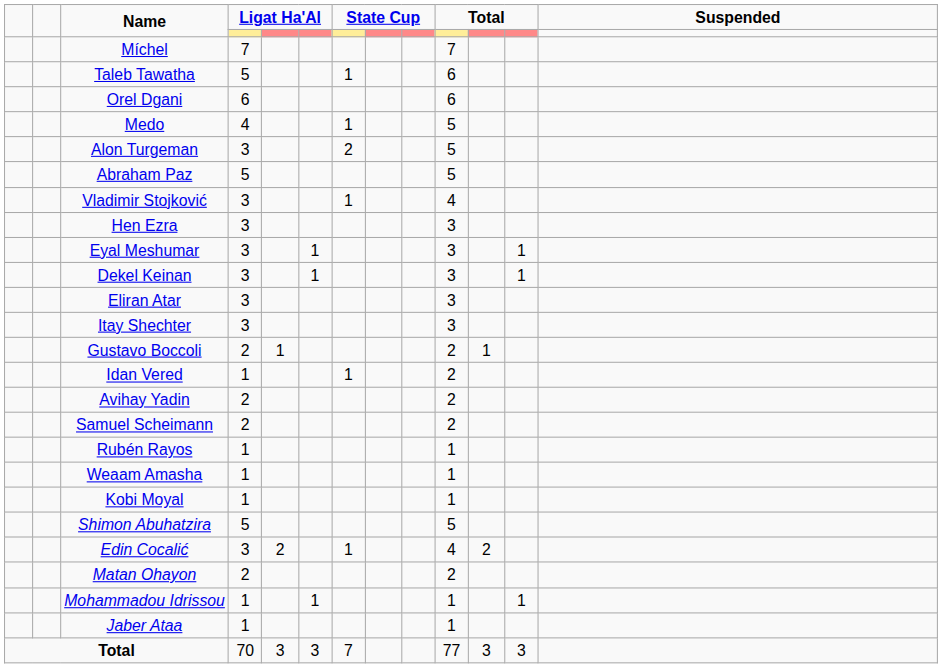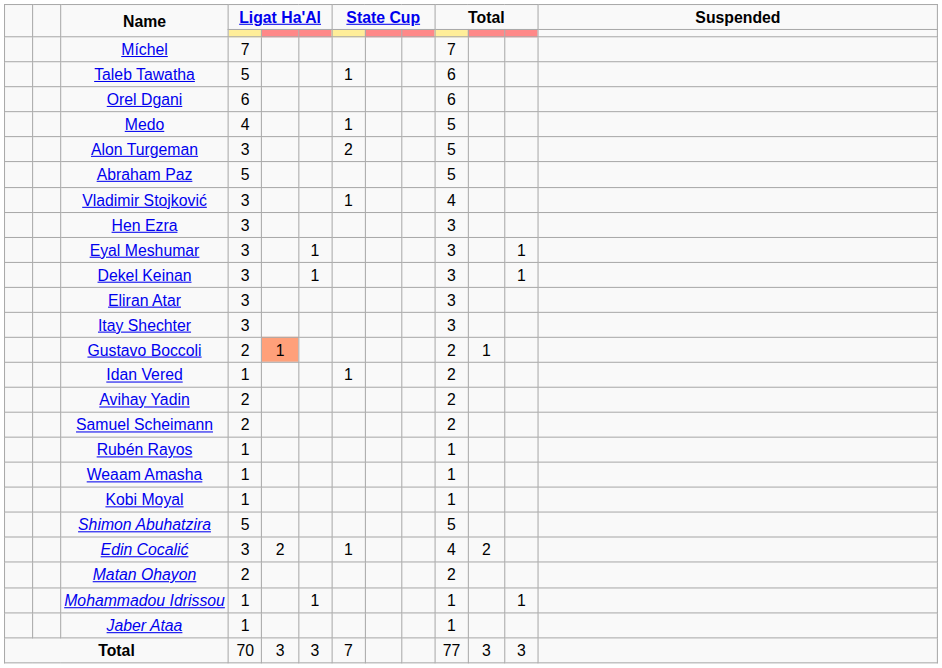 <table class="wikitable" style="font-size: 95%; text-align: center;">
 <tr>
 <td rowspan="2"  style="width:3%; text-align:center;"><strong></strong></td>
 <td rowspan="2"  style="width:3%; text-align:center;"><strong></strong></td>
 <td rowspan="2"  style="width:18%; text-align:center;"><strong>Name</strong></td>
 <td colspan="3" style="text-align:center;"><strong><a href='#'>Ligat Ha'Al</a></strong></td>
 <td colspan="3" style="text-align:center;"><strong><a href='#'>State Cup</a></strong></td>
 <td colspan="3" style="text-align:center;"><strong>Total</strong></td>
 <td colspan="3" style="text-align:center;"><strong>Suspended</strong></td>
 </tr>
 <tr>
 <th style="width:25px; background:#fe9;"></th>
 <th style="width:28px; background:#ff8888;"></th>
 <th style="width:25px; background:#ff8888;"></th>
 <th style="width:25px; background:#fe9;"></th>
 <th style="width:28px; background:#ff8888;"></th>
 <th style="width:25px; background:#ff8888;"></th>
 <th style="width:25px; background:#fe9;"></th>
 <th style="width:28px; background:#ff8888;"></th>
 <th style="width:25px; background:#ff8888;"></th>
 <td></td>
 </tr>
 <tr>
 <td align=center></td>
 <td></td>
 <td><a href='#'>Míchel</a></td>
 <td align=center>7</td>
 <td></td>
 <td></td>
 <td></td>
 <td></td>
 <td></td>
 <td align=center>7</td>
 <td></td>
 <td></td>
 <td></td>
 </tr>
 <tr>
 <td align=center></td>
 <td></td>
 <td><a href='#'>Taleb Tawatha</a></td>
 <td align=center>5</td>
 <td></td>
 <td></td>
 <td align=center>1</td>
 <td></td>
 <td></td>
 <td align=center>6</td>
 <td></td>
 <td></td>
 <td></td>
 </tr>
 <tr>
 <td align=center></td>
 <td></td>
 <td><a href='#'>Orel Dgani</a></td>
 <td align=center>6</td>
 <td></td>
 <td></td>
 <td></td>
 <td></td>
 <td></td>
 <td align=center>6</td>
 <td></td>
 <td></td>
 <td></td>
 </tr>
 <tr>
 <td align=center></td>
 <td></td>
 <td><a href='#'>Medo</a></td>
 <td align=center>4</td>
 <td></td>
 <td></td>
 <td align=center>1</td>
 <td></td>
 <td></td>
 <td align=center>5</td>
 <td></td>
 <td></td>
 <td></td>
 </tr>
 <tr>
 <td align=center></td>
 <td></td>
 <td><a href='#'>Alon Turgeman</a></td>
 <td align=center>3</td>
 <td></td>
 <td></td>
 <td align=center>2</td>
 <td></td>
 <td></td>
 <td align=center>5</td>
 <td></td>
 <td></td>
 <td></td>
 </tr>
 <tr>
 <td align=center></td>
 <td></td>
 <td><a href='#'>Abraham Paz</a></td>
 <td align=center>5</td>
 <td></td>
 <td></td>
 <td></td>
 <td></td>
 <td></td>
 <td align=center>5</td>
 <td></td>
 <td></td>
 <td></td>
 </tr>
 <tr>
 <td align=center></td>
 <td></td>
 <td><a href='#'>Vladimir Stojković</a></td>
 <td align=center>3</td>
 <td></td>
 <td></td>
 <td align=center>1</td>
 <td></td>
 <td></td>
 <td align=center>4</td>
 <td></td>
 <td></td>
 <td></td>
 </tr>
 <tr>
 <td align=center></td>
 <td></td>
 <td><a href='#'>Hen Ezra</a></td>
 <td align=center>3</td>
 <td></td>
 <td></td>
 <td></td>
 <td></td>
 <td></td>
 <td align=center>3</td>
 <td></td>
 <td></td>
 <td></td>
 </tr>
 <tr>
 <td align=center></td>
 <td></td>
 <td><a href='#'>Eyal Meshumar</a></td>
 <td align=center>3</td>
 <td></td>
 <td align=center>1</td>
 <td></td>
 <td></td>
 <td></td>
 <td align=center>3</td>
 <td></td>
 <td align=center>1</td>
 <td></td>
 </tr>
 <tr>
 <td align=center></td>
 <td></td>
 <td><a href='#'>Dekel Keinan</a></td>
 <td align=center>3</td>
 <td></td>
 <td align=center>1</td>
 <td></td>
 <td></td>
 <td></td>
 <td align=center>3</td>
 <td></td>
 <td align=center>1</td>
 <td></td>
 </tr>
 <tr>
 <td align=center></td>
 <td></td>
 <td><a href='#'>Eliran Atar</a></td>
 <td align=center>3</td>
 <td></td>
 <td></td>
 <td></td>
 <td></td>
 <td></td>
 <td align=center>3</td>
 <td></td>
 <td></td>
 <td></td>
 </tr>
 <tr>
 <td align=center></td>
 <td></td>
 <td><a href='#'>Itay Shechter</a></td>
 <td align=center>3</td>
 <td></td>
 <td></td>
 <td></td>
 <td></td>
 <td></td>
 <td align=center>3</td>
 <td></td>
 <td></td>
 <td></td>
 </tr>
 <tr>
 <td align=center></td>
 <td></td>
 <td><a href='#'>Gustavo Boccoli</a></td>
 <td align=center>2</td>
-<td align=center>1</td>
+<td align=center style="background: lightsalmon;">1</td>
 <td></td>
 <td></td>
 <td></td>
 <td></td>
 <td align=center>2</td>
 <td align=center>1</td>
 <td></td>
 <td></td>
 </tr>
 <tr>
 <td align=center></td>
 <td></td>
 <td><a href='#'>Idan Vered</a></td>
 <td align=center>1</td>
 <td></td>
 <td></td>
 <td align=center>1</td>
 <td></td>
 <td></td>
 <td align=center>2</td>
 <td></td>
 <td></td>
 <td></td>
 </tr>
 <tr>
 <td align=center></td>
 <td></td>
 <td><a href='#'>Avihay Yadin</a></td>
 <td align=center>2</td>
 <td></td>
 <td></td>
 <td></td>
 <td></td>
 <td></td>
 <td align=center>2</td>
 <td></td>
 <td></td>
 <td></td>
 </tr>
 <tr>
 <td align=center></td>
 <td></td>
 <td><a href='#'>Samuel Scheimann</a></td>
 <td align=center>2</td>
 <td></td>
 <td></td>
 <td></td>
 <td></td>
 <td></td>
 <td align=center>2</td>
 <td></td>
 <td></td>
 <td></td>
 </tr>
 <tr>
 <td align=center></td>
 <td></td>
 <td><a href='#'>Rubén Rayos</a></td>
 <td align=center>1</td>
 <td></td>
 <td></td>
 <td></td>
 <td></td>
 <td></td>
 <td align=center>1</td>
 <td></td>
 <td></td>
 <td></td>
 </tr>
 <tr>
 <td align=center></td>
 <td></td>
 <td><a href='#'>Weaam Amasha</a></td>
 <td align=center>1</td>
 <td></td>
 <td></td>
 <td></td>
 <td></td>
 <td></td>
 <td align=center>1</td>
 <td></td>
 <td></td>
 <td></td>
 </tr>
 <tr>
 <td align=center></td>
 <td></td>
 <td><a href='#'>Kobi Moyal</a></td>
 <td align=center>1</td>
 <td></td>
 <td></td>
 <td></td>
 <td></td>
 <td></td>
 <td align=center>1</td>
 <td></td>
 <td></td>
 <td></td>
 </tr>
 <tr>
 <td align=center><em></em></td>
 <td></td>
 <td><em><a href='#'>Shimon Abuhatzira</a></em></td>
 <td align=center>5</td>
 <td></td>
 <td></td>
 <td></td>
 <td></td>
 <td></td>
 <td align=center>5</td>
 <td></td>
 <td></td>
 <td></td>
 </tr>
 <tr>
 <td align=center><em></em></td>
 <td><em></em></td>
 <td><em><a href='#'>Edin Cocalić</a></em></td>
 <td align=center>3</td>
 <td align=center>2</td>
 <td></td>
 <td align=center>1</td>
 <td></td>
 <td></td>
 <td align=center>4</td>
 <td align=center>2</td>
 <td></td>
 <td></td>
 </tr>
 <tr>
 <td align=center><em></em></td>
 <td></td>
 <td><em><a href='#'>Matan Ohayon</a></em></td>
 <td align=center>2</td>
 <td></td>
 <td></td>
 <td></td>
 <td></td>
 <td></td>
 <td align=center>2</td>
 <td></td>
 <td></td>
 <td></td>
 </tr>
 <tr>
 <td align=center><em></em></td>
 <td></td>
 <td><em><a href='#'>Mohammadou Idrissou</a></em></td>
 <td align=center>1</td>
 <td></td>
 <td align=center>1</td>
 <td></td>
 <td></td>
 <td></td>
 <td align=center>1</td>
 <td></td>
 <td align=center>1</td>
 <td></td>
 </tr>
 <tr>
 <td align=center><em></em></td>
 <td></td>
 <td><em><a href='#'>Jaber Ataa</a></em></td>
 <td align=center>1</td>
 <td></td>
 <td></td>
 <td></td>
 <td></td>
 <td></td>
 <td align=center>1</td>
 <td></td>
 <td></td>
 <td></td>
 </tr>
 <tr>
 <td colspan=3><strong>Total</strong></td>
 <td align=center>70</td>
 <td align=center>3</td>
 <td align=center>3</td>
 <td align=center>7</td>
 <td></td>
 <td></td>
 <td align=center>77</td>
 <td align=center>3</td>
 <td align=center>3</td>
 <td></td>
 </tr>
 </table>
